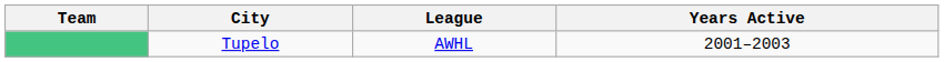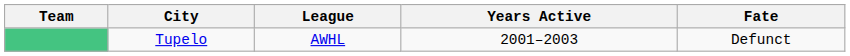 <table class="wikitable sortable" width="60%">
 <tr>
 <th>Team</th>
 <th>City</th>
 <th>League</th>
 <th>Years Active</th>
+<th>Fate</th>
 </tr>
 <tr align=center>
 <td style="color:white; background:#44c481; "><strong><a href='#'></a></strong></td>
 <td><a href='#'>Tupelo</a></td>
 <td><a href='#'>AWHL</a></td>
 <td>2001–2003</td>
+<td>Defunct</td>
 </tr>
 </table>
